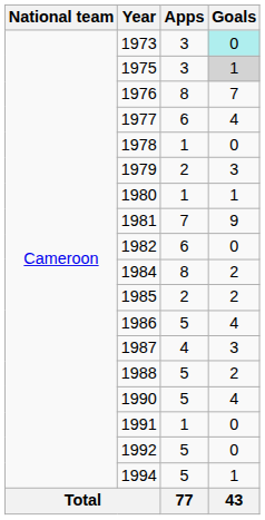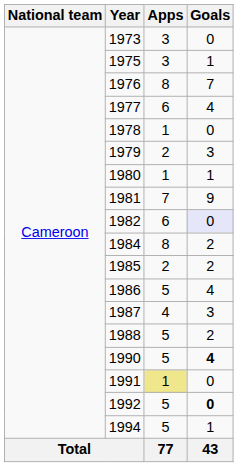 <table class="wikitable" style="text-align:center">
 <tr>
 <th>National team</th>
 <th>Year</th>
 <th>Apps</th>
 <th>Goals</th>
 </tr>
 <tr>
 <td rowspan="18"><a href='#'>Cameroon</a></td>
 <td>1973</td>
 <td>3</td>
-<td style="background: paleturquoise;">0</td>
+<td>0</td>
 </tr>
 <tr>
 <td>1975</td>
 <td>3</td>
-<td style="background: lightgrey;">1</td>
+<td>1</td>
 </tr>
 <tr>
 <td>1976</td>
 <td>8</td>
 <td>7</td>
 </tr>
 <tr>
 <td>1977</td>
 <td>6</td>
 <td>4</td>
 </tr>
 <tr>
 <td>1978</td>
 <td>1</td>
 <td>0</td>
 </tr>
 <tr>
 <td>1979</td>
 <td>2</td>
 <td>3</td>
 </tr>
 <tr>
 <td>1980</td>
 <td>1</td>
 <td>1</td>
 </tr>
 <tr>
 <td>1981</td>
 <td>7</td>
 <td>9</td>
 </tr>
 <tr>
 <td>1982</td>
 <td>6</td>
-<td>0</td>
+<td style="background: lavender;">0</td>
 </tr>
 <tr>
 <td>1984</td>
 <td>8</td>
 <td>2</td>
 </tr>
 <tr>
 <td>1985</td>
 <td>2</td>
 <td>2</td>
 </tr>
 <tr>
 <td>1986</td>
 <td>5</td>
 <td>4</td>
 </tr>
 <tr>
 <td>1987</td>
 <td>4</td>
 <td>3</td>
 </tr>
 <tr>
 <td>1988</td>
 <td>5</td>
 <td>2</td>
 </tr>
 <tr>
 <td>1990</td>
 <td>5</td>
-<td>4</td>
+<td><strong>4</strong></td>
 </tr>
 <tr>
 <td>1991</td>
-<td>1</td>
+<td style="background: khaki;">1</td>
 <td>0</td>
 </tr>
 <tr>
 <td>1992</td>
 <td>5</td>
-<td>0</td>
+<td><strong>0</strong></td>
 </tr>
 <tr>
 <td>1994</td>
 <td>5</td>
 <td>1</td>
 </tr>
 <tr>
 <th colspan="2">Total</th>
 <th>77</th>
 <th>43</th>
 </tr>
 </table>
